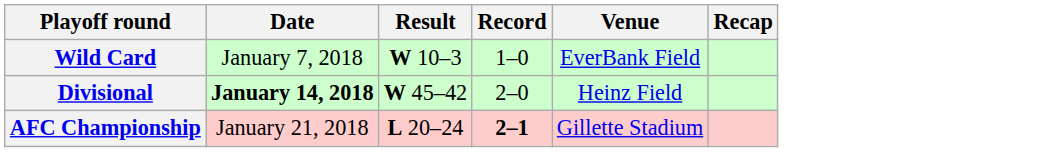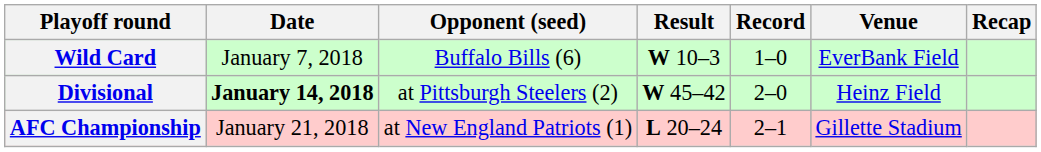 <table class="wikitable" style="text-align:center">
 <tr>
 <th>Playoff round</th>
 <th>Date</th>
+<th>Opponent (seed)</th>
 <th>Result</th>
 <th>Record</th>
 <th>Venue</th>
 <th>Recap</th>
 </tr>
 <tr style="background:#cfc">
 <th><a href='#'>Wild Card</a></th>
 <td>January 7, 2018</td>
+<td><a href='#'>Buffalo Bills</a> (6)</td>
 <td><strong>W</strong> 10–3</td>
 <td>1–0</td>
 <td><a href='#'>EverBank Field</a></td>
 <td></td>
 </tr>
 <tr style="background:#cfc">
 <th><a href='#'>Divisional</a></th>
 <td><strong>January 14, 2018</strong></td>
+<td>at <a href='#'>Pittsburgh Steelers</a> (2)</td>
 <td><strong>W</strong> 45–42</td>
 <td>2–0</td>
 <td><a href='#'>Heinz Field</a></td>
 <td></td>
 </tr>
 <tr style="background:#fcc">
 <th><a href='#'>AFC Championship</a></th>
 <td>January 21, 2018</td>
+<td>at <a href='#'>New England Patriots</a> (1)</td>
 <td><strong>L</strong> 20–24</td>
-<td><strong>2–1</strong></td>
+<td>2–1</td>
 <td><a href='#'>Gillette Stadium</a></td>
 <td></td>
 </tr>
 </table>
